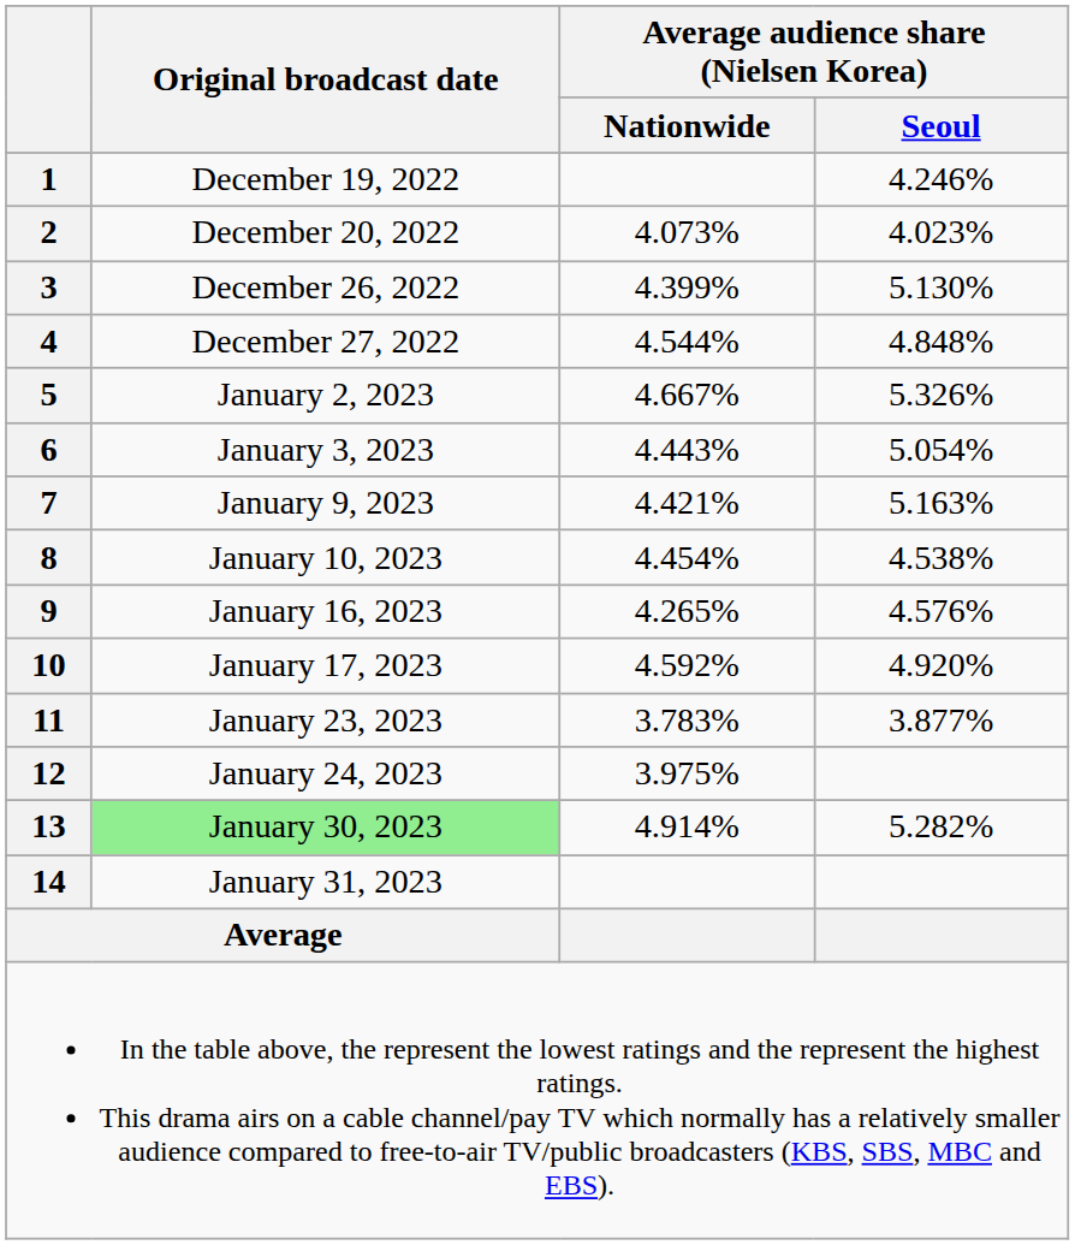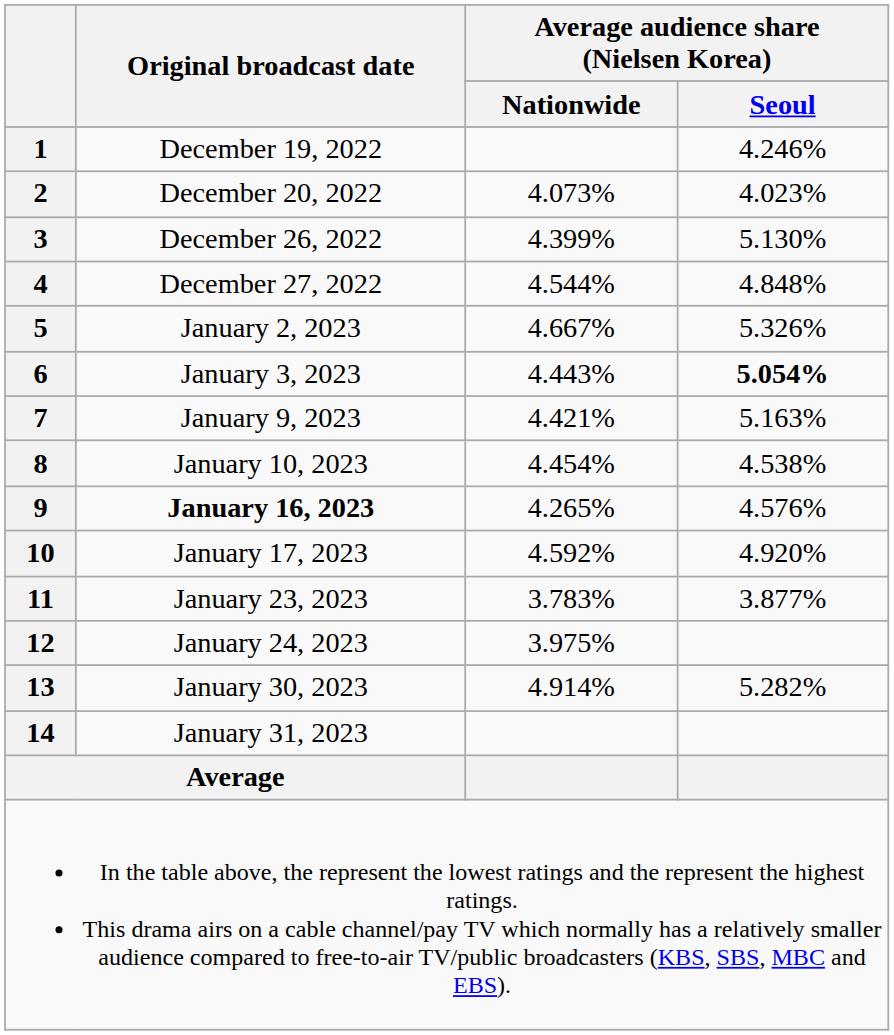 <table class="wikitable" style="text-align:center; margin-left:auto; margin-right:auto; width:500px">
 <tr>
 <th rowspan="2"></th>
 <th rowspan="2">Original broadcast date</th>
 <th colspan="2">Average audience share<br>(Nielsen Korea)</th>
 </tr>
 <tr>
 <th style="width:7em">Nationwide</th>
 <th style="width:7em"><a href='#'>Seoul</a></th>
 </tr>
 <tr>
 <th>1</th>
 <td>December 19, 2022</td>
 <td><strong></strong> </td>
 <td>4.246% </td>
 </tr>
 <tr>
 <th>2</th>
 <td>December 20, 2022</td>
 <td>4.073% </td>
 <td>4.023% </td>
 </tr>
 <tr>
 <th>3</th>
 <td>December 26, 2022</td>
 <td>4.399% </td>
 <td>5.130% </td>
 </tr>
 <tr>
 <th>4</th>
 <td>December 27, 2022</td>
 <td>4.544% </td>
 <td>4.848% </td>
 </tr>
 <tr>
 <th>5</th>
 <td>January 2, 2023</td>
 <td>4.667% </td>
 <td>5.326% </td>
 </tr>
 <tr>
 <th>6</th>
 <td>January 3, 2023</td>
 <td>4.443% </td>
-<td>5.054% </td>
+<td><strong>5.054% </strong></td>
 </tr>
 <tr>
 <th>7</th>
 <td>January 9, 2023</td>
 <td>4.421% </td>
 <td>5.163% </td>
 </tr>
 <tr>
 <th>8</th>
 <td>January 10, 2023</td>
 <td>4.454% </td>
 <td>4.538% </td>
 </tr>
 <tr>
 <th>9</th>
-<td>January 16, 2023</td>
+<td><strong>January 16, 2023</strong></td>
 <td>4.265% </td>
 <td>4.576% </td>
 </tr>
 <tr>
 <th>10</th>
 <td>January 17, 2023</td>
 <td>4.592% </td>
 <td>4.920% </td>
 </tr>
 <tr>
 <th>11</th>
 <td>January 23, 2023</td>
 <td>3.783% </td>
 <td>3.877% </td>
 </tr>
 <tr>
 <th>12</th>
 <td>January 24, 2023</td>
 <td>3.975% </td>
 <td><strong></strong> </td>
 </tr>
 <tr>
 <th>13</th>
-<td style="background: lightgreen;">January 30, 2023</td>
+<td>January 30, 2023</td>
 <td>4.914% </td>
 <td>5.282% </td>
 </tr>
 <tr>
 <th>14</th>
 <td>January 31, 2023</td>
 <td><strong></strong> </td>
 <td><strong></strong> </td>
 </tr>
 <tr>
 <th colspan="2">Average</th>
 <th></th>
 <th></th>
 </tr>
 <tr>
 <td colspan="6" style="font-size:85%"><br><ul><li>In the table above, the  represent the lowest ratings and the  represent the highest ratings.</li><li>This drama airs on a cable channel/pay TV which normally has a relatively smaller audience compared to free-to-air TV/public broadcasters (<a href='#'>KBS</a>, <a href='#'>SBS</a>, <a href='#'>MBC</a> and <a href='#'>EBS</a>).</li></ul></td>
 </tr>
 </table>
